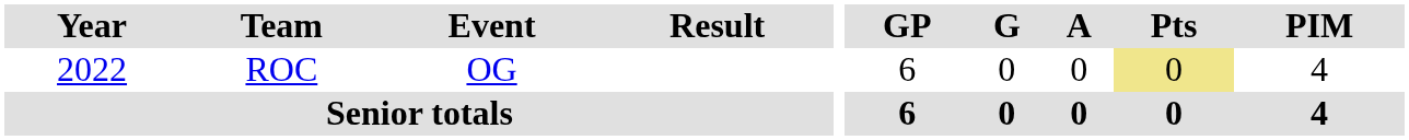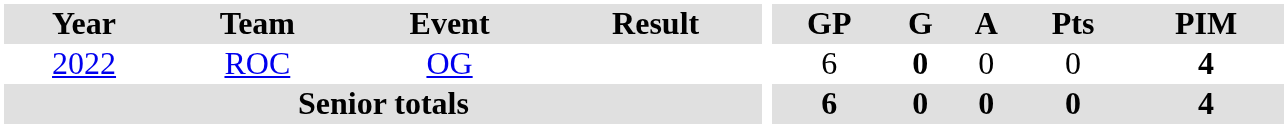 <table border="0" cellpadding="1" cellspacing="0" ID="Table3" style="text-align:center; width:40em">
 <tr ALIGN="center" bgcolor="#e0e0e0">
 <th>Year</th>
 <th>Team</th>
 <th>Event</th>
 <th>Result</th>
 <th rowspan="99" bgcolor="#ffffff"></th>
 <th>GP</th>
 <th>G</th>
 <th>A</th>
 <th>Pts</th>
 <th>PIM</th>
 </tr>
 <tr>
 <td><a href='#'>2022</a></td>
 <td><a href='#'>ROC</a></td>
 <td><a href='#'>OG</a></td>
 <td></td>
 <td>6</td>
+<td><strong>0</strong></td>
 <td>0</td>
 <td>0</td>
-<td style="background: khaki;">0</td>
-<td>4</td>
+<td><strong>4</strong></td>
 </tr>
 <tr bgcolor="#e0e0e0">
 <th colspan="4">Senior totals</th>
 <th>6</th>
 <th>0</th>
 <th>0</th>
 <th>0</th>
 <th>4</th>
 </tr>
 </table>
